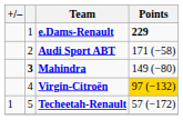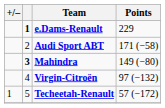 <table class="wikitable" style="font-size: 85%">
 <tr>
 <th scope="col">+/–</th>
 <th scope="col"></th>
 <th scope="col">Team</th>
 <th scope="col">Points</th>
 </tr>
 <tr>
 <td align="left"></td>
-<td align="center">1</td>
+<td align="center"><strong>1</strong></td>
 <td> <strong><a href='#'>e.Dams-Renault</a></strong></td>
-<td align="left"><strong>229</strong></td>
+<td align="left">229</td>
 </tr>
 <tr>
 <td align="left"></td>
 <td align="center">2</td>
 <td> <strong><a href='#'>Audi Sport ABT</a></strong></td>
 <td align="left">171 (−58)</td>
 </tr>
 <tr>
 <td align="left"></td>
 <td align="center"><strong>3</strong></td>
 <td> <strong><a href='#'>Mahindra</a></strong></td>
 <td align="left">149 (−80)</td>
 </tr>
 <tr>
 <td align="left"></td>
 <td align="center">4</td>
 <td> <strong><a href='#'>Virgin-Citroën</a></strong></td>
-<td align="left" style="background: gold;">97 (−132)</td>
+<td align="left">97 (−132)</td>
 </tr>
 <tr>
 <td align="left"> 1</td>
 <td align="center">5</td>
 <td> <strong><a href='#'>Techeetah-Renault</a></strong></td>
 <td align="left">57 (−172)</td>
 </tr>
 <tr>
 </tr>
 </table>
